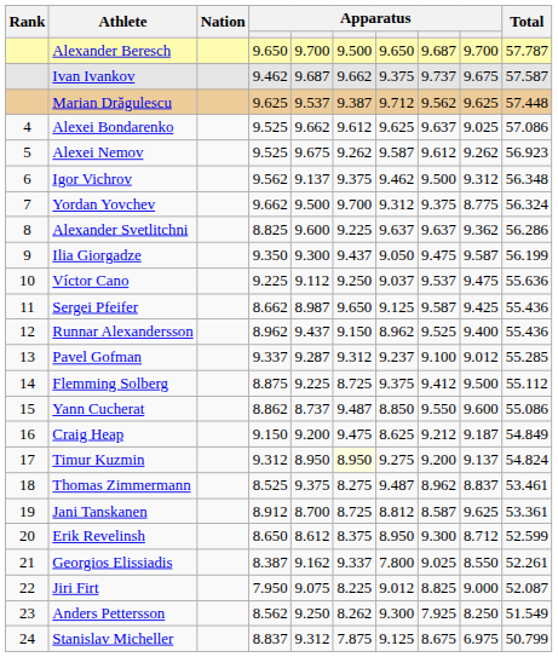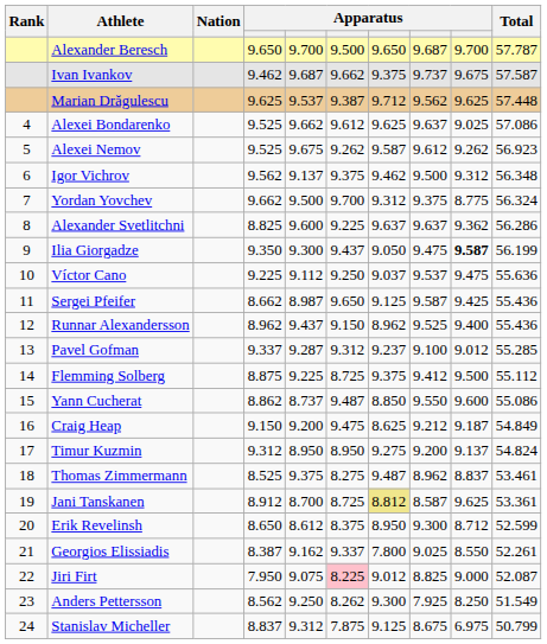 <table class="wikitable" style="font-size:90%">
 <tr>
 <th rowspan=2>Rank</th>
 <th rowspan=2>Athlete</th>
 <th rowspan=2>Nation</th>
 <th colspan =6>Apparatus</th>
 <th rowspan=2>Total</th>
 </tr>
 <tr style="font-size:95%">
 <th></th>
 <th></th>
 <th></th>
 <th></th>
 <th></th>
 <th></th>
 </tr>
 <tr align=center bgcolor=fffcaf>
 <td></td>
 <td align=left><a href='#'>Alexander Beresch</a></td>
 <td align=left>   </td>
 <td>9.650</td>
 <td>9.700</td>
 <td>9.500</td>
 <td>9.650</td>
 <td>9.687</td>
 <td>9.700</td>
 <td>57.787</td>
 </tr>
 <tr align=center bgcolor=e5e5e5>
 <td></td>
 <td align=left><a href='#'>Ivan Ivankov</a></td>
 <td align=left></td>
 <td>9.462</td>
 <td>9.687</td>
 <td>9.662</td>
 <td>9.375</td>
 <td>9.737</td>
 <td>9.675</td>
 <td>57.587</td>
 </tr>
 <tr align=center bgcolor=eecc99>
 <td></td>
 <td align=left><a href='#'>Marian Drăgulescu</a></td>
 <td align=left></td>
 <td>9.625</td>
 <td>9.537</td>
 <td>9.387</td>
 <td>9.712</td>
 <td>9.562</td>
 <td>9.625</td>
 <td>57.448</td>
 </tr>
 <tr align=center>
 <td>4</td>
 <td align=left><a href='#'>Alexei Bondarenko</a></td>
 <td align=left></td>
 <td>9.525</td>
 <td>9.662</td>
 <td>9.612</td>
 <td>9.625</td>
 <td>9.637</td>
 <td>9.025</td>
 <td>57.086</td>
 </tr>
 <tr align=center>
 <td>5</td>
 <td align=left><a href='#'>Alexei Nemov</a></td>
 <td align=left></td>
 <td>9.525</td>
 <td>9.675</td>
 <td>9.262</td>
 <td>9.587</td>
 <td>9.612</td>
 <td>9.262</td>
 <td>56.923</td>
 </tr>
 <tr align=center>
 <td>6</td>
 <td align=left><a href='#'>Igor Vichrov</a></td>
 <td align=left></td>
 <td>9.562</td>
 <td>9.137</td>
 <td>9.375</td>
 <td>9.462</td>
 <td>9.500</td>
 <td>9.312</td>
 <td>56.348</td>
 </tr>
 <tr align=center>
 <td>7</td>
 <td align=left><a href='#'>Yordan Yovchev</a></td>
 <td align=left></td>
 <td>9.662</td>
 <td>9.500</td>
 <td>9.700</td>
 <td>9.312</td>
 <td>9.375</td>
 <td>8.775</td>
 <td>56.324</td>
 </tr>
 <tr align=center>
 <td>8</td>
 <td align=left><a href='#'>Alexander Svetlitchni</a></td>
 <td align=left></td>
 <td>8.825</td>
 <td>9.600</td>
 <td>9.225</td>
 <td>9.637</td>
 <td>9.637</td>
 <td>9.362</td>
 <td>56.286</td>
 </tr>
 <tr align=center>
 <td>9</td>
 <td align=left><a href='#'>Ilia Giorgadze</a></td>
 <td align=left></td>
 <td>9.350</td>
 <td>9.300</td>
 <td>9.437</td>
 <td>9.050</td>
 <td>9.475</td>
-<td>9.587</td>
+<td><strong>9.587</strong></td>
 <td>56.199</td>
 </tr>
 <tr align=center>
 <td>10</td>
 <td align=left><a href='#'>Víctor Cano</a></td>
 <td align=left></td>
 <td>9.225</td>
 <td>9.112</td>
 <td>9.250</td>
 <td>9.037</td>
 <td>9.537</td>
 <td>9.475</td>
 <td>55.636</td>
 </tr>
 <tr align=center>
 <td>11</td>
 <td align=left><a href='#'>Sergei Pfeifer</a></td>
 <td align=left></td>
 <td>8.662</td>
 <td>8.987</td>
 <td>9.650</td>
 <td>9.125</td>
 <td>9.587</td>
 <td>9.425</td>
 <td>55.436</td>
 </tr>
 <tr align=center>
 <td>12</td>
 <td align=left><a href='#'>Runnar Alexandersson</a></td>
 <td align=left></td>
 <td>8.962</td>
 <td>9.437</td>
 <td>9.150</td>
 <td>8.962</td>
 <td>9.525</td>
 <td>9.400</td>
 <td>55.436</td>
 </tr>
 <tr align=center>
 <td>13</td>
 <td align=left><a href='#'>Pavel Gofman</a></td>
 <td align=left></td>
 <td>9.337</td>
 <td>9.287</td>
 <td>9.312</td>
 <td>9.237</td>
 <td>9.100</td>
 <td>9.012</td>
 <td>55.285</td>
 </tr>
 <tr align=center>
 <td>14</td>
 <td align=left><a href='#'>Flemming Solberg</a></td>
 <td align=left></td>
 <td>8.875</td>
 <td>9.225</td>
 <td>8.725</td>
 <td>9.375</td>
 <td>9.412</td>
 <td>9.500</td>
 <td>55.112</td>
 </tr>
 <tr align=center>
 <td>15</td>
 <td align=left><a href='#'>Yann Cucherat</a></td>
 <td align=left></td>
 <td>8.862</td>
 <td>8.737</td>
 <td>9.487</td>
 <td>8.850</td>
 <td>9.550</td>
 <td>9.600</td>
 <td>55.086</td>
 </tr>
 <tr align=center>
 <td>16</td>
 <td align=left><a href='#'>Craig Heap</a></td>
 <td align=left></td>
 <td>9.150</td>
 <td>9.200</td>
 <td>9.475</td>
 <td>8.625</td>
 <td>9.212</td>
 <td>9.187</td>
 <td>54.849</td>
 </tr>
 <tr align=center>
 <td>17</td>
 <td align=left><a href='#'>Timur Kuzmin</a></td>
 <td align=left></td>
 <td>9.312</td>
 <td>8.950</td>
-<td style="background: lightyellow;">8.950</td>
+<td>8.950</td>
 <td>9.275</td>
 <td>9.200</td>
 <td>9.137</td>
 <td>54.824</td>
 </tr>
 <tr align=center>
 <td>18</td>
 <td align=left><a href='#'>Thomas Zimmermann</a></td>
 <td align=left></td>
 <td>8.525</td>
 <td>9.375</td>
 <td>8.275</td>
 <td>9.487</td>
 <td>8.962</td>
 <td>8.837</td>
 <td>53.461</td>
 </tr>
 <tr align=center>
 <td>19</td>
 <td align=left><a href='#'>Jani Tanskanen</a></td>
 <td align=left></td>
 <td>8.912</td>
 <td>8.700</td>
 <td>8.725</td>
-<td>8.812</td>
+<td style="background: khaki;">8.812</td>
 <td>8.587</td>
 <td>9.625</td>
 <td>53.361</td>
 </tr>
 <tr align=center>
 <td>20</td>
 <td align=left><a href='#'>Erik Revelinsh</a></td>
 <td align=left></td>
 <td>8.650</td>
 <td>8.612</td>
 <td>8.375</td>
 <td>8.950</td>
 <td>9.300</td>
 <td>8.712</td>
 <td>52.599</td>
 </tr>
 <tr align=center>
 <td>21</td>
 <td align=left><a href='#'>Georgios Elissiadis</a></td>
 <td align=left></td>
 <td>8.387</td>
 <td>9.162</td>
 <td>9.337</td>
 <td>7.800</td>
 <td>9.025</td>
 <td>8.550</td>
 <td>52.261</td>
 </tr>
 <tr align=center>
 <td>22</td>
 <td align=left><a href='#'>Jiri Firt</a></td>
 <td align=left></td>
 <td>7.950</td>
 <td>9.075</td>
-<td>8.225</td>
+<td style="background: pink;">8.225</td>
 <td>9.012</td>
 <td>8.825</td>
 <td>9.000</td>
 <td>52.087</td>
 </tr>
 <tr align=center>
 <td>23</td>
 <td align=left><a href='#'>Anders Pettersson</a></td>
 <td align=left></td>
 <td>8.562</td>
 <td>9.250</td>
 <td>8.262</td>
 <td>9.300</td>
 <td>7.925</td>
 <td>8.250</td>
 <td>51.549</td>
 </tr>
 <tr align=center>
 <td>24</td>
 <td align=left><a href='#'>Stanislav Micheller</a></td>
 <td align=left></td>
 <td>8.837</td>
 <td>9.312</td>
 <td>7.875</td>
 <td>9.125</td>
 <td>8.675</td>
 <td>6.975</td>
 <td>50.799</td>
 </tr>
 </table>
